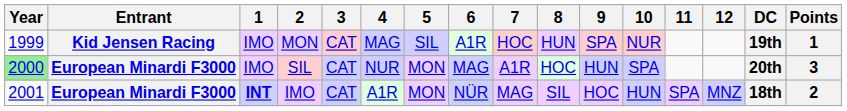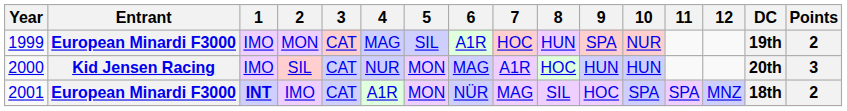 <table class="wikitable" style="text-align:center; font-size:90%">
 <tr>
 <th>Year</th>
 <th>Entrant</th>
 <th>1</th>
 <th>2</th>
 <th>3</th>
 <th>4</th>
 <th>5</th>
 <th>6</th>
 <th>7</th>
 <th>8</th>
 <th>9</th>
 <th>10</th>
 <th>11</th>
 <th>12</th>
 <th>DC</th>
 <th>Points</th>
 </tr>
 <tr>
 <td><a href='#'>1999</a></td>
-<th><a href='#'>Kid Jensen Racing</a></th>
+<th><a href='#'>European Minardi F3000</a></th>
 <td style="background:#EFCFFF;"><a href='#'>IMO</a><br></td>
 <td style="background:#EFCFFF;"><a href='#'>MON</a><br></td>
 <td style="background:#FFCFCF;"><a href='#'>CAT</a><br></td>
 <td style="background:#CFCFFF;"><a href='#'>MAG</a><br></td>
 <td style="background:#CFCFFF;"><a href='#'>SIL</a><br></td>
 <td style="background:#DFFFDF;"><a href='#'>A1R</a><br></td>
 <td style="background:#FFCFCF;"><a href='#'>HOC</a><br></td>
 <td style="background:#EFCFFF;"><a href='#'>HUN</a><br></td>
 <td style="background:#FFCFCF;"><a href='#'>SPA</a><br></td>
 <td style="background:#FFCFCF;"><a href='#'>NUR</a><br></td>
 <td></td>
 <td></td>
 <th>19th</th>
-<th>1</th>
+<th>2</th>
 </tr>
 <tr>
-<td style="background: lightgreen;"><a href='#'>2000</a></td>
-<th><a href='#'>European Minardi F3000</a></th>
+<td><a href='#'>2000</a></td>
+<th><a href='#'>Kid Jensen Racing</a></th>
 <td style="background:#EFCFFF;"><a href='#'>IMO</a><br></td>
 <td style="background:#FFCFCF;"><a href='#'>SIL</a><br></td>
 <td style="background:#CFCFFF;"><a href='#'>CAT</a><br></td>
 <td style="background:#CFCFFF;"><a href='#'>NUR</a><br></td>
 <td style="background:#EFCFFF;"><a href='#'>MON</a><br></td>
 <td style="background:#CFCFFF;"><a href='#'>MAG</a><br></td>
 <td style="background:#EFCFFF;"><a href='#'>A1R</a><br></td>
 <td style="background:#DFFFDF;"><a href='#'>HOC</a><br></td>
 <td style="background:#CFCFFF;"><a href='#'>HUN</a><br></td>
-<td style="background:#CFCFFF;"><a href='#'>SPA</a><br></td>
+<td style="background:#CFCFFF;"><a href='#'>HUN</a><br></td>
 <td></td>
 <td></td>
 <th>20th</th>
 <th>3</th>
 </tr>
 <tr>
 <td><a href='#'>2001</a></td>
 <th><a href='#'>European Minardi F3000</a></th>
 <td style="background:#CFCFFF;"><strong><a href='#'>INT</a><br></strong></td>
 <td style="background:#EFCFFF;"><a href='#'>IMO</a><br></td>
 <td style="background:#CFCFFF;"><a href='#'>CAT</a><br></td>
 <td style="background:#DFFFDF;"><a href='#'>A1R</a><br></td>
 <td style="background:#EFCFFF;"><a href='#'>MON</a><br></td>
 <td style="background:#CFCFFF;"><a href='#'>NÜR</a><br></td>
 <td style="background:#EFCFFF;"><a href='#'>MAG</a><br></td>
 <td style="background:#EFCFFF;"><a href='#'>SIL</a><br></td>
 <td style="background:#EFCFFF;"><a href='#'>HOC</a><br></td>
-<td style="background:#CFCFFF;"><a href='#'>HUN</a><br></td>
+<td style="background:#CFCFFF;"><a href='#'>SPA</a><br></td>
 <td style="background:#EFCFFF;"><a href='#'>SPA</a><br></td>
 <td style="background:#CFCFFF;"><a href='#'>MNZ</a><br></td>
 <th>18th</th>
 <th>2</th>
 </tr>
 </table>
